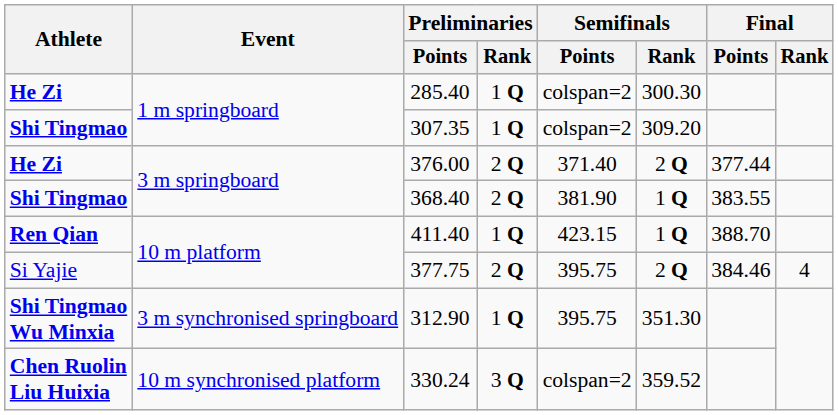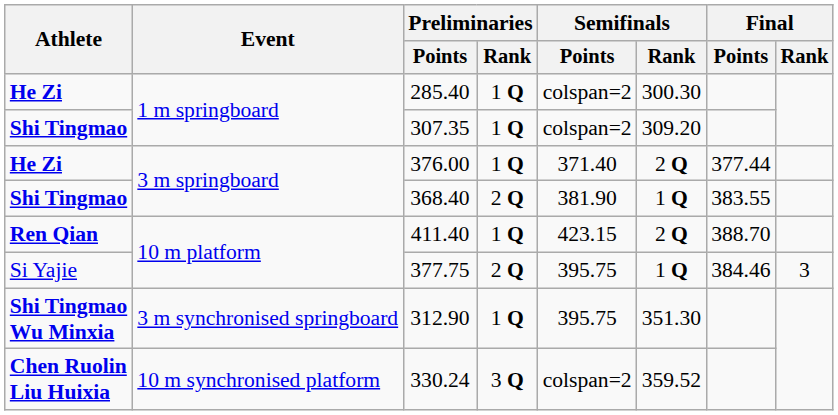 <table class=wikitable style="font-size:90%;">
 <tr>
 <th rowspan="2">Athlete</th>
 <th rowspan="2">Event</th>
 <th colspan="2">Preliminaries</th>
 <th colspan="2">Semifinals</th>
 <th colspan="2">Final</th>
 </tr>
 <tr style="font-size:95%">
 <th>Points</th>
 <th>Rank</th>
 <th>Points</th>
 <th>Rank</th>
 <th>Points</th>
 <th>Rank</th>
 </tr>
 <tr align=center>
 <td align=left><strong><a href='#'>He Zi</a></strong></td>
 <td align=left rowspan=2><a href='#'>1 m springboard</a></td>
 <td>285.40</td>
 <td>1 <strong>Q</strong></td>
 <td>colspan=2 </td>
 <td>300.30</td>
 <td></td>
 </tr>
 <tr align=center>
 <td align=left><strong><a href='#'>Shi Tingmao</a></strong></td>
 <td>307.35</td>
 <td>1 <strong>Q</strong></td>
 <td>colspan=2 </td>
 <td>309.20</td>
 <td></td>
 </tr>
 <tr align=center>
 <td align=left><strong><a href='#'>He Zi</a></strong></td>
 <td align=left rowspan=2><a href='#'>3 m springboard</a></td>
 <td>376.00</td>
-<td>2 <strong>Q</strong></td>
+<td>1 <strong>Q</strong></td>
 <td>371.40</td>
 <td>2 <strong>Q</strong></td>
 <td>377.44</td>
 <td></td>
 </tr>
 <tr align=center>
 <td align=left><strong><a href='#'>Shi Tingmao</a></strong></td>
 <td>368.40</td>
 <td>2 <strong>Q</strong></td>
 <td>381.90</td>
 <td>1 <strong>Q</strong></td>
 <td>383.55</td>
 <td></td>
 </tr>
 <tr align=center>
 <td align=left><strong><a href='#'>Ren Qian</a></strong></td>
 <td align=left rowspan=2><a href='#'>10 m platform</a></td>
 <td>411.40</td>
 <td>1 <strong>Q</strong></td>
 <td>423.15</td>
-<td>1 <strong>Q</strong></td>
+<td>2 <strong>Q</strong></td>
 <td>388.70</td>
 <td></td>
 </tr>
 <tr align=center>
 <td align=left><a href='#'>Si Yajie</a></td>
 <td>377.75</td>
 <td>2 <strong>Q</strong></td>
 <td>395.75</td>
-<td>2 <strong>Q</strong></td>
+<td>1 <strong>Q</strong></td>
 <td>384.46</td>
-<td>4</td>
+<td>3</td>
 </tr>
 <tr align=center>
 <td align=left><strong><a href='#'>Shi Tingmao</a><br><a href='#'>Wu Minxia</a></strong></td>
 <td align=left><a href='#'>3 m synchronised springboard</a></td>
 <td>312.90</td>
 <td>1 <strong>Q</strong></td>
 <td>395.75</td>
 <td>351.30</td>
 <td></td>
 </tr>
 <tr align=center>
 <td align=left><strong><a href='#'>Chen Ruolin</a><br><a href='#'>Liu Huixia</a></strong></td>
 <td align=left><a href='#'>10 m synchronised platform</a></td>
 <td>330.24</td>
 <td>3 <strong>Q</strong></td>
 <td>colspan=2 </td>
 <td>359.52</td>
 <td></td>
 </tr>
 </table>
